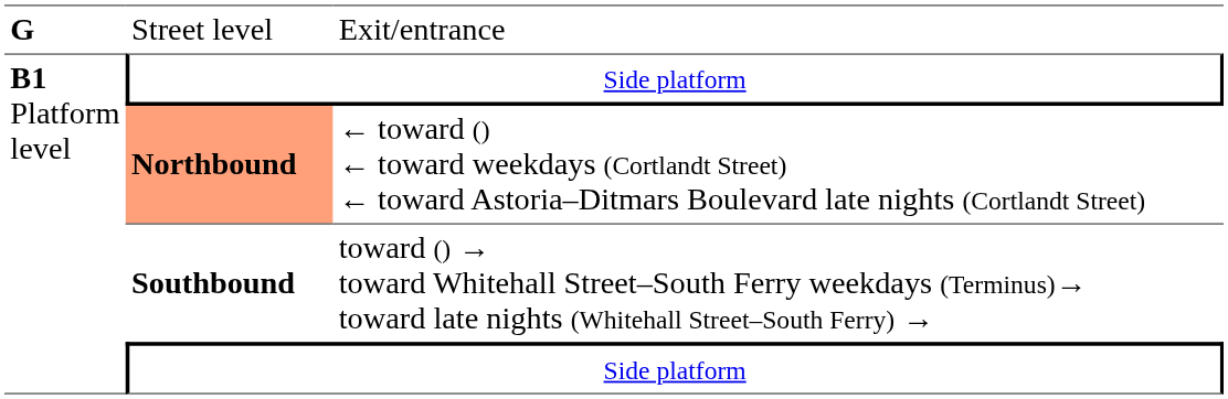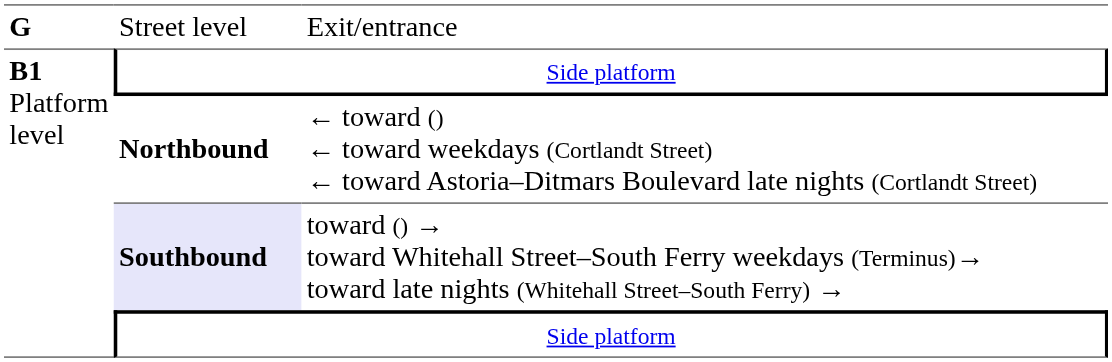 <table table border=0 cellspacing=0 cellpadding=3>
 <tr>
 <td style="border-top:solid 1px gray;" width=50><strong>G</strong></td>
 <td style="border-top:solid 1px gray;" width=100>Street level</td>
 <td style="border-top:solid 1px gray;" width=450>Exit/entrance</td>
 </tr>
 <tr>
 <td style="border-top:solid 1px gray;border-bottom:solid 1px gray;" rowspan=4 valign=top><strong>B1</strong><br>Platform level</td>
 <td style="border-top:solid 1px gray;border-right:solid 2px black;border-left:solid 2px black;border-bottom:solid 2px black;text-align:center;" colspan=2><small><a href='#'>Side platform</a></small></td>
 </tr>
 <tr>
-<td style="background: lightsalmon; border-bottom:solid 1px gray;"><span><strong>Northbound</strong></span></td>
+<td style="border-bottom:solid 1px gray;"><span><strong>Northbound</strong></span></td>
 <td style="border-bottom:solid 1px gray;">←  toward  <small>()</small><br>←  toward  weekdays <small>(Cortlandt Street)</small><br>←  toward Astoria–Ditmars Boulevard late nights <small>(Cortlandt Street)</small></td>
 </tr>
 <tr>
-<td><span><strong>Southbound</strong></span></td>
+<td style="background: lavender;"><span><strong>Southbound</strong></span></td>
 <td>  toward  <small>()</small> →<br>  toward Whitehall Street–South Ferry weekdays <small>(Terminus)</small>→<br>  toward  late nights <small>(Whitehall Street–South Ferry)</small> →</td>
 </tr>
 <tr>
 <td style="border-top:solid 2px black;border-right:solid 2px black;border-left:solid 2px black;border-bottom:solid 1px gray;text-align:center;" colspan=2><small><a href='#'>Side platform</a></small></td>
 </tr>
 </table>
